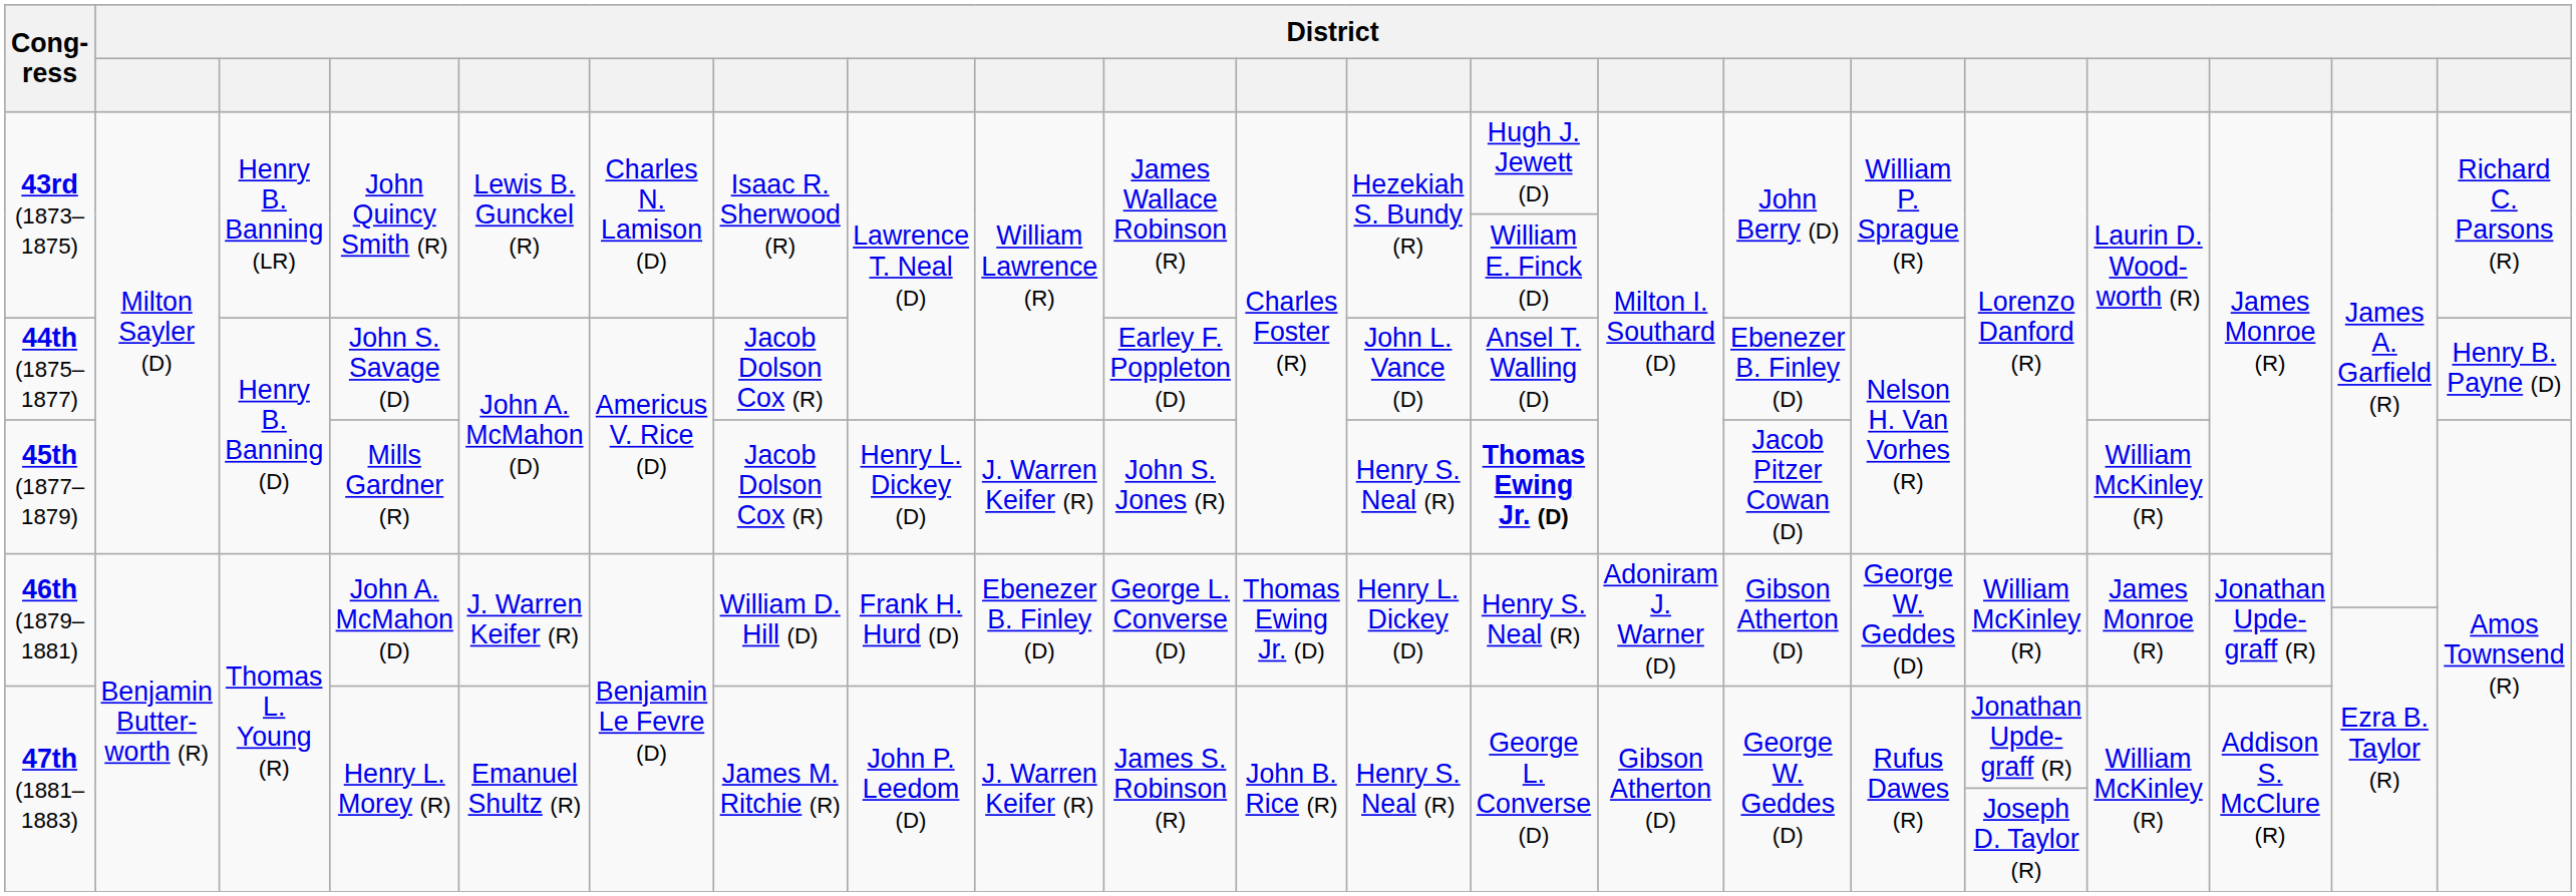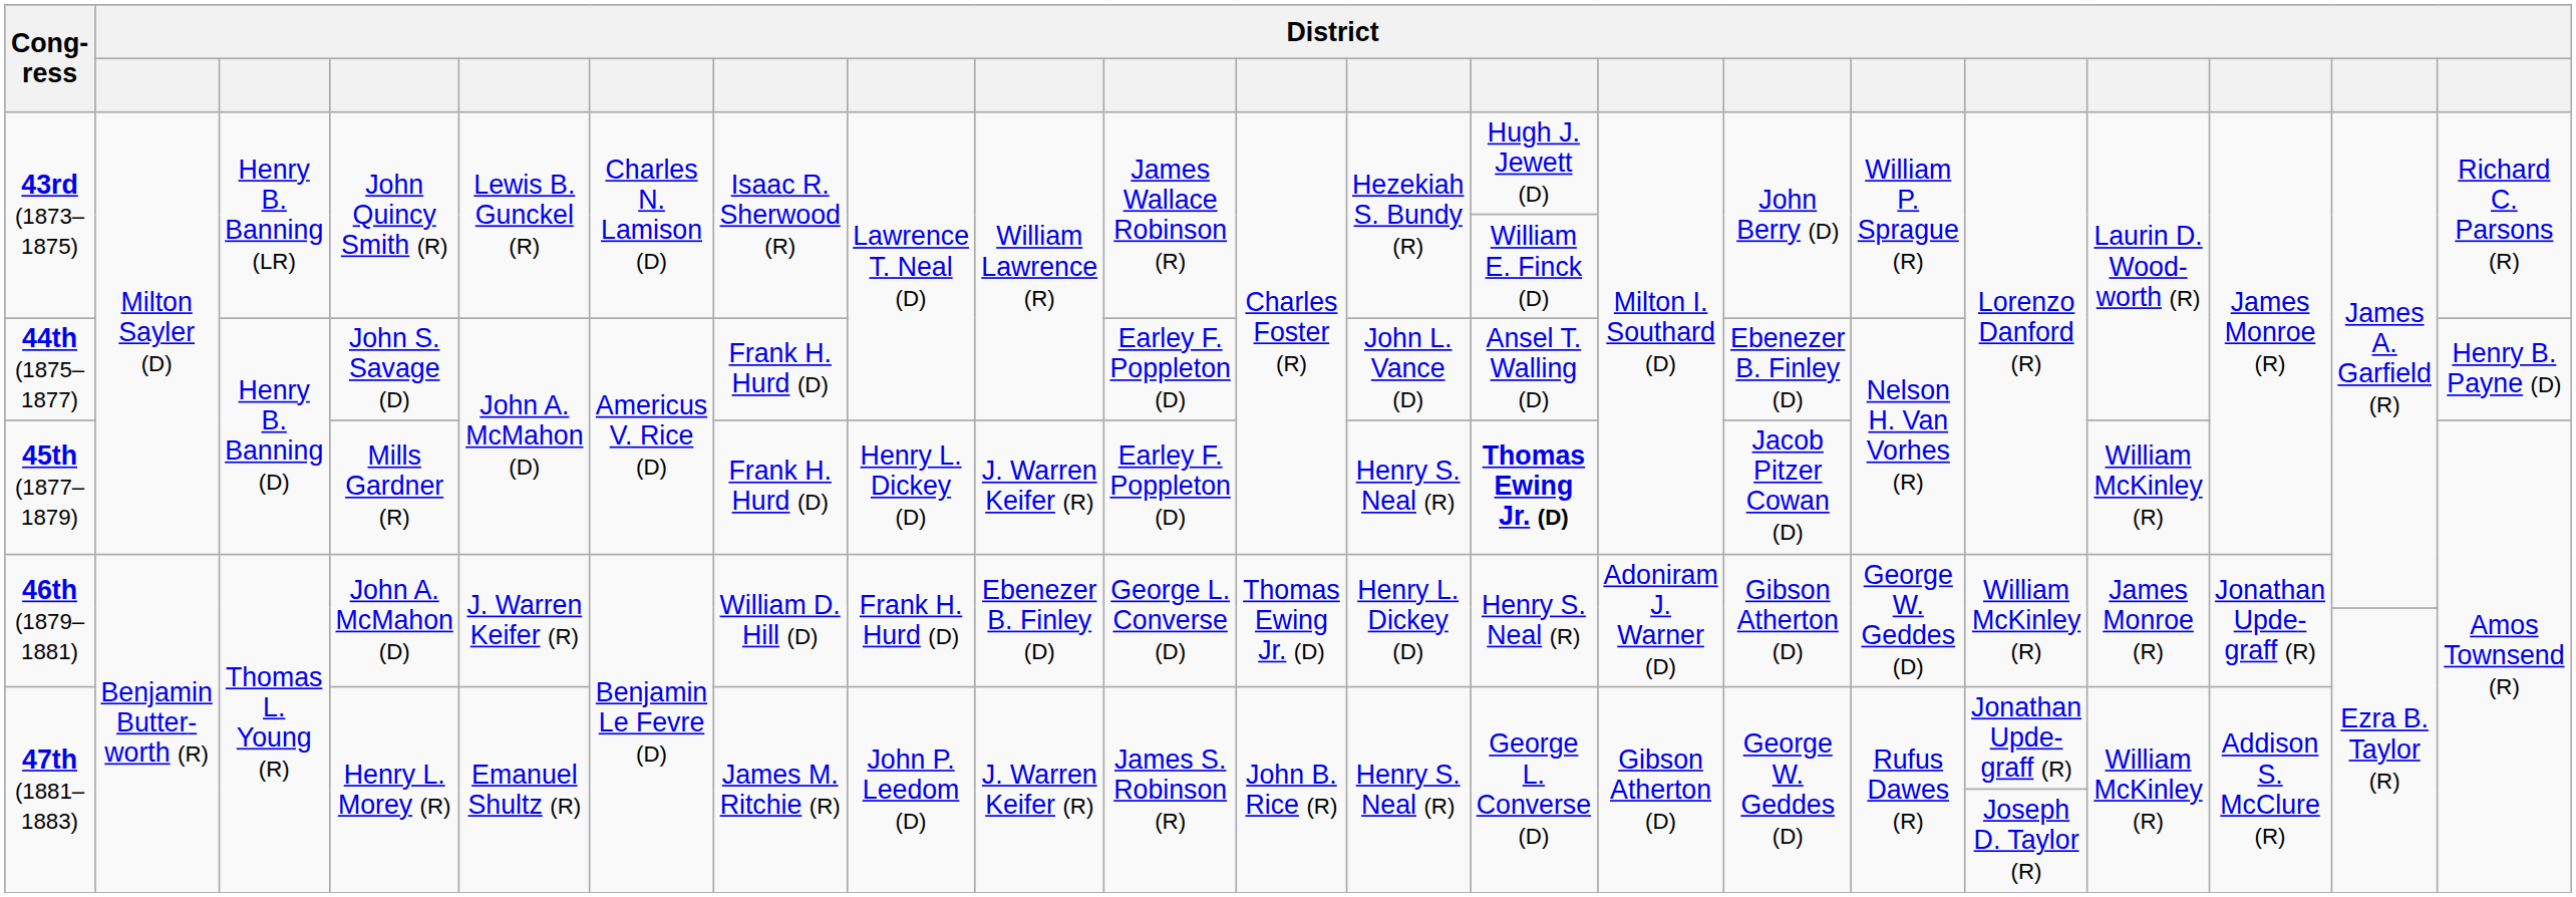 <table class=wikitable style="text-align:center">
 <tr style="height:2em">
 <th rowspan=2>Cong­ress</th>
 <th colspan="20">District</th>
 </tr>
 <tr style="height:2em">
 <th></th>
 <th></th>
 <th></th>
 <th></th>
 <th></th>
 <th></th>
 <th></th>
 <th></th>
 <th></th>
 <th></th>
 <th></th>
 <th></th>
 <th></th>
 <th></th>
 <th></th>
 <th></th>
 <th></th>
 <th></th>
 <th></th>
 <th></th>
 </tr>
 <tr style="height:2em">
 <td rowspan=2><strong><a href='#'>43rd</a></strong><br><small>(1873–1875)</small></td>
 <td rowspan=4 ><a href='#'>Milton Sayler</a> <small>(D)</small></td>
 <td rowspan=2 ><a href='#'>Henry B. Banning</a> <small>(LR)</small></td>
 <td rowspan=2 ><a href='#'>John Quincy Smith</a> <small>(R)</small></td>
 <td rowspan=2 ><a href='#'>Lewis B. Gunckel</a> <small>(R)</small></td>
 <td rowspan=2 ><a href='#'>Charles N. Lamison</a> <small>(D)</small></td>
 <td rowspan=2 ><a href='#'>Isaac R. Sherwood</a> <small>(R)</small></td>
 <td rowspan=3 ><a href='#'>Lawrence T. Neal</a> <small>(D)</small></td>
 <td rowspan=3 ><a href='#'>William Lawrence</a> <small>(R)</small></td>
 <td rowspan=2 ><a href='#'>James Wallace Robinson</a> <small>(R)</small></td>
 <td rowspan=4 ><a href='#'>Charles Foster</a> <small>(R)</small></td>
 <td rowspan=2 ><a href='#'>Hezekiah S. Bundy</a> <small>(R)</small></td>
 <td><a href='#'>Hugh J. Jewett</a> <small>(D)</small></td>
 <td rowspan=4 ><a href='#'>Milton I. Southard</a> <small>(D)</small></td>
 <td rowspan=2 ><a href='#'>John Berry</a> <small>(D)</small></td>
 <td rowspan=2 ><a href='#'>William P. Sprague</a> <small>(R)</small></td>
 <td rowspan=4 ><a href='#'>Lorenzo Danford</a> <small>(R)</small></td>
 <td rowspan=3 ><a href='#'>Laurin D. Wood­worth</a> <small>(R)</small></td>
 <td rowspan=4 ><a href='#'>James Monroe</a> <small>(R)</small></td>
 <td rowspan=5 ><a href='#'>James A. Garfield</a> <small>(R)</small></td>
 <td rowspan=2 ><a href='#'>Richard C. Parsons</a> <small>(R)</small></td>
 </tr>
 <tr style="height:2em">
 <td><a href='#'>William E. Finck</a> <small>(D)</small></td>
 </tr>
 <tr style="height:2em">
 <td><strong><a href='#'>44th</a></strong><br><small>(1875–1877)</small></td>
 <td rowspan=2 ><a href='#'>Henry B. Banning</a> <small>(D)</small></td>
 <td><a href='#'>John S. Savage</a> <small>(D)</small></td>
 <td rowspan=2 ><a href='#'>John A. McMahon</a> <small>(D)</small></td>
 <td rowspan=2 ><a href='#'>Americus V. Rice</a> <small>(D)</small></td>
-<td><a href='#'>Jacob Dolson Cox</a> <small>(R)</small></td>
+<td><a href='#'>Frank H. Hurd</a> <small>(D)</small></td>
 <td><a href='#'>Earley F. Poppleton</a> <small>(D)</small></td>
 <td><a href='#'>John L. Vance</a> <small>(D)</small></td>
 <td><a href='#'>Ansel T. Walling</a> <small>(D)</small></td>
 <td><a href='#'>Ebenezer B. Finley</a> <small>(D)</small></td>
 <td rowspan=2 ><a href='#'>Nelson H. Van Vorhes</a> <small>(R)</small></td>
 <td><a href='#'>Henry B. Payne</a> <small>(D)</small></td>
 </tr>
 <tr style="height:2em">
 <td><strong><a href='#'>45th</a></strong><br><small>(1877–1879)</small></td>
 <td><a href='#'>Mills Gardner</a> <small>(R)</small></td>
-<td><a href='#'>Jacob Dolson Cox</a> <small>(R)</small></td>
+<td><a href='#'>Frank H. Hurd</a> <small>(D)</small></td>
 <td><a href='#'>Henry L. Dickey</a> <small>(D)</small></td>
 <td><a href='#'>J. Warren Keifer</a> <small>(R)</small></td>
-<td><a href='#'>John S. Jones</a> <small>(R)</small></td>
+<td><a href='#'>Earley F. Poppleton</a> <small>(D)</small></td>
 <td><a href='#'>Henry S. Neal</a> <small>(R)</small></td>
 <td><strong><a href='#'>Thomas Ewing Jr.</a> <small>(D)</small></strong></td>
 <td><a href='#'>Jacob Pitzer Cowan</a> <small>(D)</small></td>
 <td><a href='#'>William McKinley</a> <small>(R)</small></td>
 <td rowspan=5 ><a href='#'>Amos Townsend</a> <small>(R)</small></td>
 </tr>
 <tr style="height:2em">
 <td rowspan=2><strong><a href='#'>46th</a></strong><br><small>(1879–1881)</small></td>
 <td rowspan=4 ><a href='#'>Benjamin Butter­worth</a> <small>(R)</small></td>
 <td rowspan=4 ><a href='#'>Thomas L. Young</a> <small>(R)</small></td>
 <td rowspan=2 ><a href='#'>John A. McMahon</a> <small>(D)</small></td>
 <td rowspan=2 ><a href='#'>J. Warren Keifer</a> <small>(R)</small></td>
 <td rowspan=4 ><a href='#'>Benjamin Le Fevre</a> <small>(D)</small></td>
 <td rowspan=2 ><a href='#'>William D. Hill</a> <small>(D)</small></td>
 <td rowspan=2 ><a href='#'>Frank H. Hurd</a> <small>(D)</small></td>
 <td rowspan=2 ><a href='#'>Ebenezer B. Finley</a> <small>(D)</small></td>
 <td rowspan=2 ><a href='#'>George L. Converse</a> <small>(D)</small></td>
 <td rowspan=2 ><a href='#'>Thomas Ewing Jr.</a> <small>(D)</small></td>
 <td rowspan=2 ><a href='#'>Henry L. Dickey</a> <small>(D)</small></td>
 <td rowspan=2 ><a href='#'>Henry S. Neal</a> <small>(R)</small></td>
 <td rowspan=2 ><a href='#'>Adoniram J. Warner</a> <small>(D)</small></td>
 <td rowspan=2 ><a href='#'>Gibson Atherton</a> <small>(D)</small></td>
 <td rowspan=2 ><a href='#'>George W. Geddes</a> <small>(D)</small></td>
 <td rowspan=2 ><a href='#'>William McKinley</a> <small>(R)</small></td>
 <td rowspan=2 ><a href='#'>James Monroe</a> <small>(R)</small></td>
 <td rowspan=2 ><a href='#'>Jonathan Upde­graff</a> <small>(R)</small></td>
 </tr>
 <tr style="height:2em">
 <td rowspan=3 ><a href='#'>Ezra B. Taylor</a> <small>(R)</small></td>
 </tr>
 <tr style="height:2em">
 <td rowspan=2><strong><a href='#'>47th</a></strong><br><small>(1881–1883)</small></td>
 <td rowspan=2 ><a href='#'>Henry L. Morey</a> <small>(R)</small></td>
 <td rowspan=2 ><a href='#'>Emanuel Shultz</a> <small>(R)</small></td>
 <td rowspan=2 ><a href='#'>James M. Ritchie</a> <small>(R)</small></td>
 <td rowspan=2 ><a href='#'>John P. Leedom</a> <small>(D)</small></td>
 <td rowspan=2 ><a href='#'>J. Warren Keifer</a> <small>(R)</small></td>
 <td rowspan=2 ><a href='#'>James S. Robinson</a> <small>(R)</small></td>
 <td rowspan=2 ><a href='#'>John B. Rice</a> <small>(R)</small></td>
 <td rowspan=2 ><a href='#'>Henry S. Neal</a> <small>(R)</small></td>
 <td rowspan=2 ><a href='#'>George L. Converse</a> <small>(D)</small></td>
 <td rowspan=2 ><a href='#'>Gibson Atherton</a> <small>(D)</small></td>
 <td rowspan=2 ><a href='#'>George W. Geddes</a> <small>(D)</small></td>
 <td rowspan=2 ><a href='#'>Rufus Dawes</a> <small>(R)</small></td>
 <td><a href='#'>Jonathan Upde­graff</a> <small>(R)</small></td>
 <td rowspan=2 ><a href='#'>William McKinley</a> <small>(R)</small></td>
 <td rowspan=2 ><a href='#'>Addison S. McClure</a> <small>(R)</small></td>
 </tr>
 <tr style="height:2em">
 <td><a href='#'>Joseph D. Taylor</a> <small>(R)</small></td>
 </tr>
 </table>
